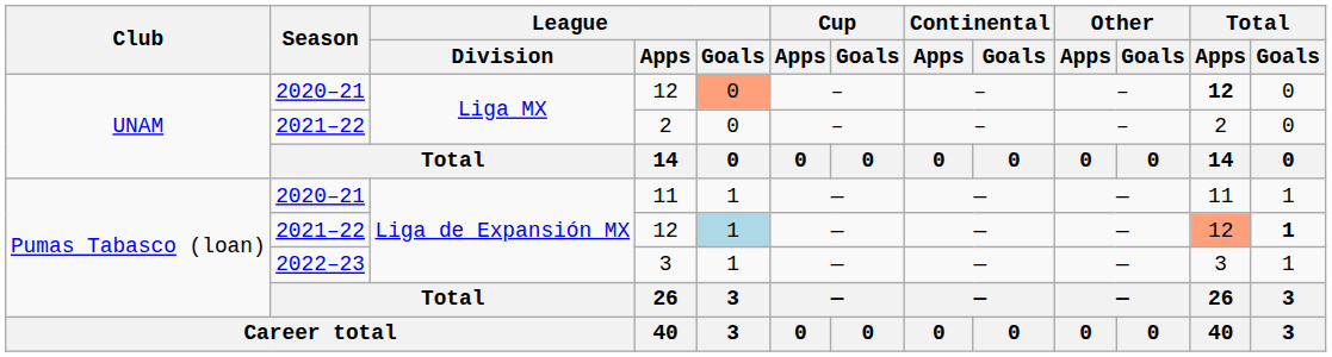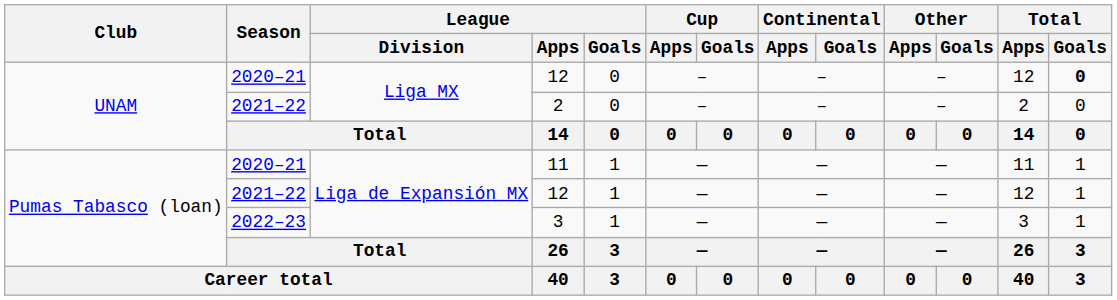 <table class="wikitable" style="text-align: center">
 <tr>
 <th rowspan="2">Club</th>
 <th rowspan="2">Season</th>
 <th colspan="3">League</th>
 <th colspan="2">Cup</th>
 <th colspan="2">Continental</th>
 <th colspan="2">Other</th>
 <th colspan="2">Total</th>
 </tr>
 <tr>
 <th>Division</th>
 <th>Apps</th>
 <th>Goals</th>
 <th>Apps</th>
 <th>Goals</th>
 <th>Apps</th>
 <th>Goals</th>
 <th>Apps</th>
 <th>Goals</th>
 <th>Apps</th>
 <th>Goals</th>
 </tr>
 <tr>
 <td rowspan="3"><a href='#'>UNAM</a></td>
 <td><a href='#'>2020–21</a></td>
 <td rowspan="2"><a href='#'>Liga MX</a></td>
 <td>12</td>
-<td style="background: lightsalmon;">0</td>
+<td>0</td>
 <td colspan="2">–</td>
 <td colspan="2">–</td>
 <td colspan="2">–</td>
-<td><strong>12</strong></td>
-<td>0</td>
+<td>12</td>
+<td><strong>0</strong></td>
 </tr>
 <tr>
 <td><a href='#'>2021–22</a></td>
 <td>2</td>
 <td>0</td>
 <td colspan="2">–</td>
 <td colspan="2">–</td>
 <td colspan="2">–</td>
 <td>2</td>
 <td>0</td>
 </tr>
 <tr>
 <th colspan="2">Total</th>
 <th>14</th>
 <th>0</th>
 <th>0</th>
 <th>0</th>
 <th>0</th>
 <th>0</th>
 <th>0</th>
 <th>0</th>
 <th>14</th>
 <th>0</th>
 </tr>
 <tr>
 <td rowspan="4"><a href='#'>Pumas Tabasco</a> (loan)</td>
 <td><a href='#'>2020–21</a></td>
 <td rowspan="3"><a href='#'>Liga de Expansión MX</a></td>
 <td>11</td>
 <td>1</td>
 <td colspan=2>—</td>
 <td colspan=2>—</td>
 <td colspan=2>—</td>
 <td>11</td>
 <td>1</td>
 </tr>
 <tr>
 <td><a href='#'>2021–22</a></td>
 <td>12</td>
-<td style="background: lightblue;">1</td>
+<td>1</td>
 <td colspan=2>—</td>
 <td colspan=2>—</td>
 <td colspan=2>—</td>
-<td style="background: lightsalmon;">12</td>
-<td><strong>1</strong></td>
+<td>12</td>
+<td>1</td>
 </tr>
 <tr>
 <td><a href='#'>2022–23</a></td>
 <td>3</td>
 <td>1</td>
 <td colspan=2>—</td>
 <td colspan=2>—</td>
 <td colspan=2>—</td>
 <td>3</td>
 <td>1</td>
 </tr>
 <tr>
 <th colspan="2">Total</th>
 <th>26</th>
 <th>3</th>
 <th colspan=2>—</th>
 <th colspan=2>—</th>
 <th colspan=2>—</th>
 <th>26</th>
 <th>3</th>
 </tr>
 <tr>
 <th colspan="3"><strong>Career total</strong></th>
 <th>40</th>
 <th>3</th>
 <th>0</th>
 <th>0</th>
 <th>0</th>
 <th>0</th>
 <th>0</th>
 <th>0</th>
 <th>40</th>
 <th>3</th>
 </tr>
 </table>
